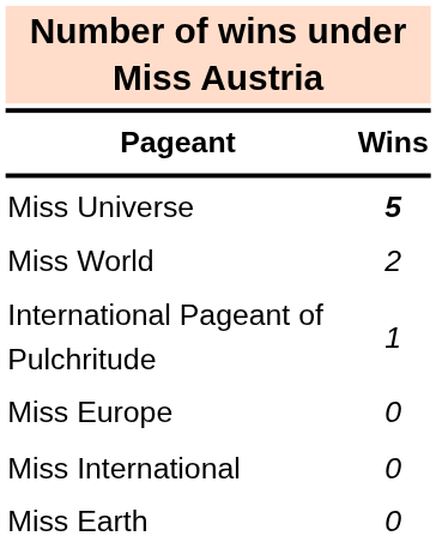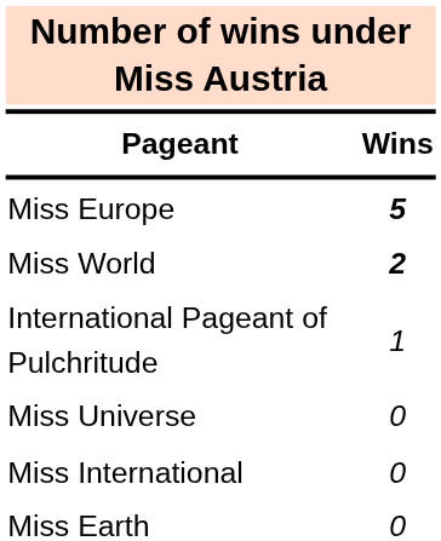 <table class="toccolours" style="width: 30em; float:right; margin-left:1em; font-size:80%; line-height:1.5em; width:30%;">
 <tr>
 <th colspan="2" align="center" style="background:#FFDDCA;"><big>Number of wins under<br>Miss Austria</big></th>
 </tr>
 <tr>
 <td colspan="2" style="background:black"></td>
 </tr>
 <tr>
 <th scope="col">Pageant</th>
 <th scope="col">Wins</th>
 </tr>
 <tr>
 <td colspan="2" style="background:black"></td>
 </tr>
 <tr>
-<td align="left">Miss Universe</td>
+<td align="left">Miss Europe</td>
 <td align="center"><strong><em>5</em></strong></td>
 </tr>
 <tr>
 <td align="left">Miss World</td>
-<td align="center"><em>2</em></td>
+<td align="center"><strong><em>2</em></strong></td>
 </tr>
 <tr>
 <td align="left">International Pageant of Pulchritude</td>
 <td align="center"><em>1</em></td>
 </tr>
 <tr>
-<td align="left">Miss Europe</td>
+<td align="left">Miss Universe</td>
 <td align="center"><em>0</em></td>
 </tr>
 <tr>
 <td align="left">Miss International</td>
 <td align="center"><em>0</em></td>
 </tr>
 <tr>
 <td align="left">Miss Earth</td>
 <td align="center"><em>0</em></td>
 </tr>
 <tr>
 </tr>
 </table>
